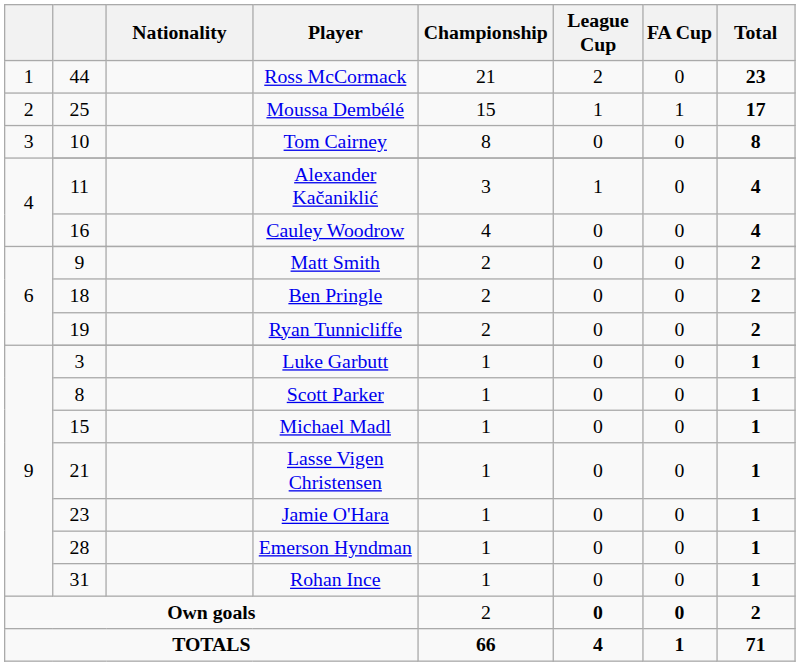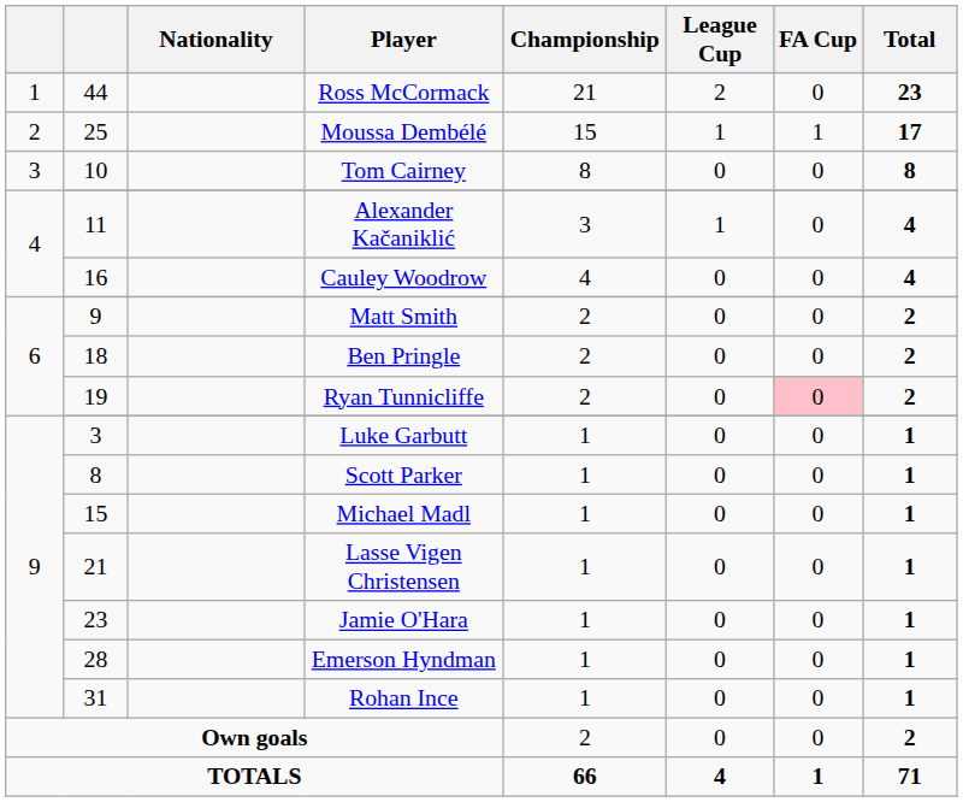 <table class="wikitable" style="font-size: 95%; text-align: center;">
 <tr>
 <th width=60></th>
 <th width=60></th>
 <th width=150>Nationality</th>
 <th width=180>Player</th>
 <th width=100>Championship</th>
 <th width=80>League Cup</th>
 <th width=80>FA Cup</th>
 <th width=80>Total</th>
 </tr>
 <tr>
 <td>1</td>
 <td>44</td>
 <td></td>
 <td><a href='#'>Ross McCormack</a></td>
 <td>21</td>
 <td>2</td>
 <td>0</td>
 <td><strong>23</strong></td>
 </tr>
 <tr>
 <td>2</td>
 <td>25</td>
 <td></td>
 <td><a href='#'>Moussa Dembélé</a></td>
 <td>15</td>
 <td>1</td>
 <td>1</td>
 <td><strong>17</strong></td>
 </tr>
 <tr>
 <td>3</td>
 <td>10</td>
 <td></td>
 <td><a href='#'>Tom Cairney</a></td>
 <td>8</td>
 <td>0</td>
 <td>0</td>
 <td><strong>8</strong></td>
 </tr>
 <tr>
 <td rowspan="3">4</td>
 </tr>
 <tr>
 <td>11</td>
 <td></td>
 <td><a href='#'>Alexander Kačaniklić</a></td>
 <td>3</td>
 <td>1</td>
 <td>0</td>
 <td><strong>4</strong></td>
 </tr>
 <tr>
 <td>16</td>
 <td></td>
 <td><a href='#'>Cauley Woodrow</a></td>
 <td>4</td>
 <td>0</td>
 <td>0</td>
 <td><strong>4</strong></td>
 </tr>
 <tr>
 <td rowspan="4">6</td>
 </tr>
 <tr>
 <td>9</td>
 <td></td>
 <td><a href='#'>Matt Smith</a></td>
 <td>2</td>
 <td>0</td>
 <td>0</td>
 <td><strong>2</strong></td>
 </tr>
 <tr>
 <td>18</td>
 <td></td>
 <td><a href='#'>Ben Pringle</a></td>
 <td>2</td>
 <td>0</td>
 <td>0</td>
 <td><strong>2</strong></td>
 </tr>
 <tr>
 <td>19</td>
 <td></td>
 <td><a href='#'>Ryan Tunnicliffe</a></td>
 <td>2</td>
 <td>0</td>
-<td>0</td>
+<td style="background: pink;">0</td>
 <td><strong>2</strong></td>
 </tr>
 <tr>
 <td rowspan="8">9</td>
 </tr>
 <tr>
 <td>3</td>
 <td></td>
 <td><a href='#'>Luke Garbutt</a></td>
 <td>1</td>
 <td>0</td>
 <td>0</td>
 <td><strong>1</strong></td>
 </tr>
 <tr>
 <td>8</td>
 <td></td>
 <td><a href='#'>Scott Parker</a></td>
 <td>1</td>
 <td>0</td>
 <td>0</td>
 <td><strong>1</strong></td>
 </tr>
 <tr>
 <td>15</td>
 <td></td>
 <td><a href='#'>Michael Madl</a></td>
 <td>1</td>
 <td>0</td>
 <td>0</td>
 <td><strong>1</strong></td>
 </tr>
 <tr>
 <td>21</td>
 <td></td>
 <td><a href='#'>Lasse Vigen Christensen</a></td>
 <td>1</td>
 <td>0</td>
 <td>0</td>
 <td><strong>1</strong></td>
 </tr>
 <tr>
 <td>23</td>
 <td></td>
 <td><a href='#'>Jamie O'Hara</a></td>
 <td>1</td>
 <td>0</td>
 <td>0</td>
 <td><strong>1</strong></td>
 </tr>
 <tr>
 <td>28</td>
 <td></td>
 <td><a href='#'>Emerson Hyndman</a></td>
 <td>1</td>
 <td>0</td>
 <td>0</td>
 <td><strong>1</strong></td>
 </tr>
 <tr>
 <td>31</td>
 <td></td>
 <td><a href='#'>Rohan Ince</a></td>
 <td>1</td>
 <td>0</td>
 <td>0</td>
 <td><strong>1</strong></td>
 </tr>
 <tr>
 <td colspan=4><strong>Own goals</strong></td>
 <td>2</td>
-<td><strong>0</strong></td>
-<td><strong>0</strong></td>
+<td>0</td>
+<td>0</td>
 <td><strong>2</strong></td>
 </tr>
 <tr>
 <td colspan=4><strong>TOTALS</strong></td>
 <td><strong>66</strong></td>
 <td><strong>4</strong></td>
 <td><strong>1</strong></td>
 <td><strong>71</strong></td>
 </tr>
 </table>
